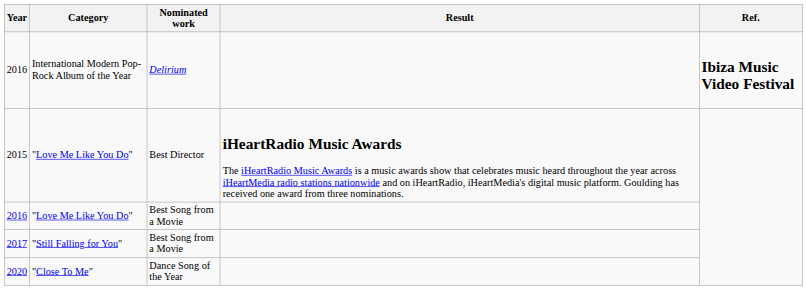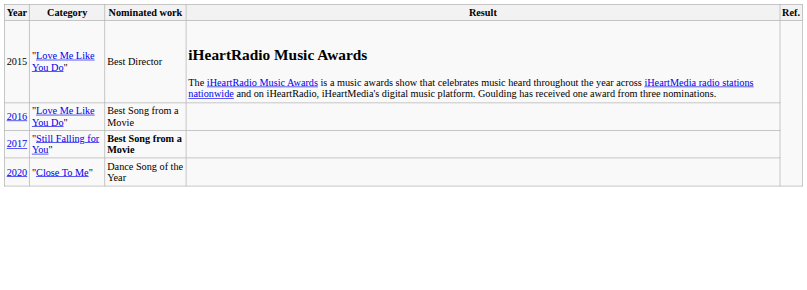 <table class="wikitable">
 <tr>
 <th>Year</th>
 <th>Category</th>
 <th>Nominated work</th>
 <th>Result</th>
 <th>Ref.</th>
-</tr>
-<tr>
-<td>2016</td>
-<td>International Modern Pop-Rock Album of the Year</td>
-<td><em><a href='#'>Delirium</a></em></td>
-<td></td>
-<td><br><h2>Ibiza Music Video Festival</h2></td>
 </tr>
 <tr>
 <td>2015</td>
 <td>"<a href='#'>Love Me Like You Do</a>"</td>
 <td>Best Director</td>
 <td><br><h2>iHeartRadio Music Awards</h2>The <a href='#'>iHeartRadio Music Awards</a> is a music awards show that celebrates music heard throughout the year across <a href='#'>iHeartMedia radio stations nationwide</a> and on iHeartRadio, iHeartMedia's digital music platform. Goulding has received one award from three nominations.</td>
 </tr>
 <tr>
 <td rowspan="1"><a href='#'>2016</a></td>
 <td rowspan="1">"<a href='#'>Love Me Like You Do</a>"</td>
 <td>Best Song from a Movie</td>
 <td></td>
 </tr>
 <tr>
 <td rowspan="1"><a href='#'>2017</a></td>
 <td rowspan="1">"<a href='#'>Still Falling for You</a>"</td>
-<td>Best Song from a Movie</td>
+<td><strong>Best Song from a Movie</strong></td>
 <td></td>
 </tr>
 <tr>
 <td rowspan="1"><a href='#'>2020</a></td>
 <td rowspan="1">"<a href='#'>Close To Me</a>"</td>
 <td>Dance Song of the Year</td>
 <td></td>
 </tr>
 </table>
